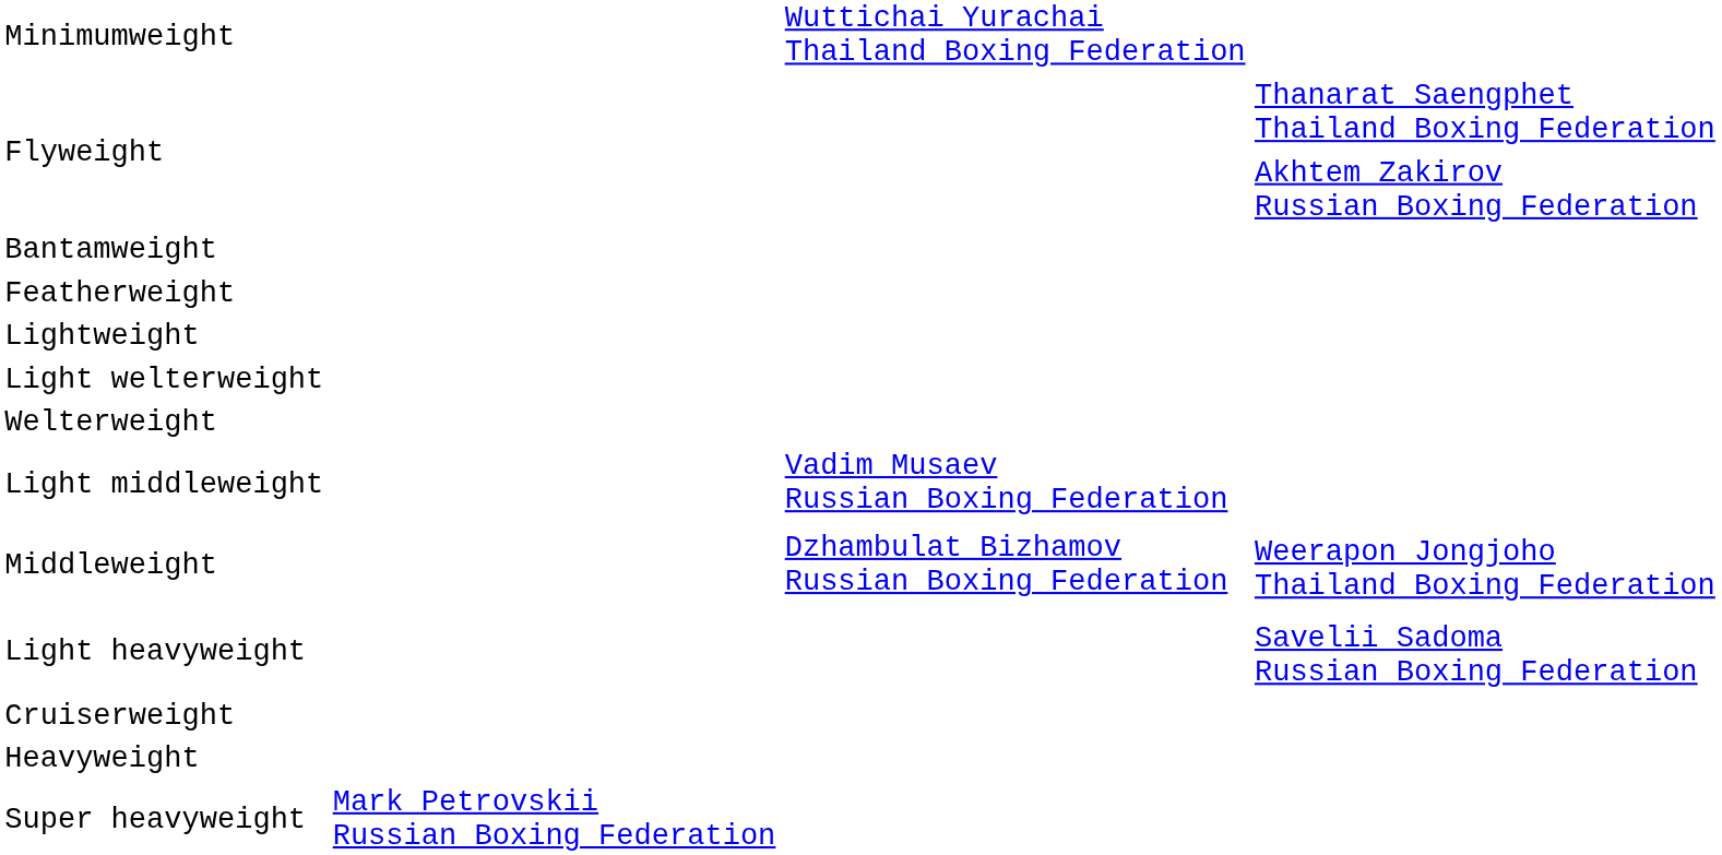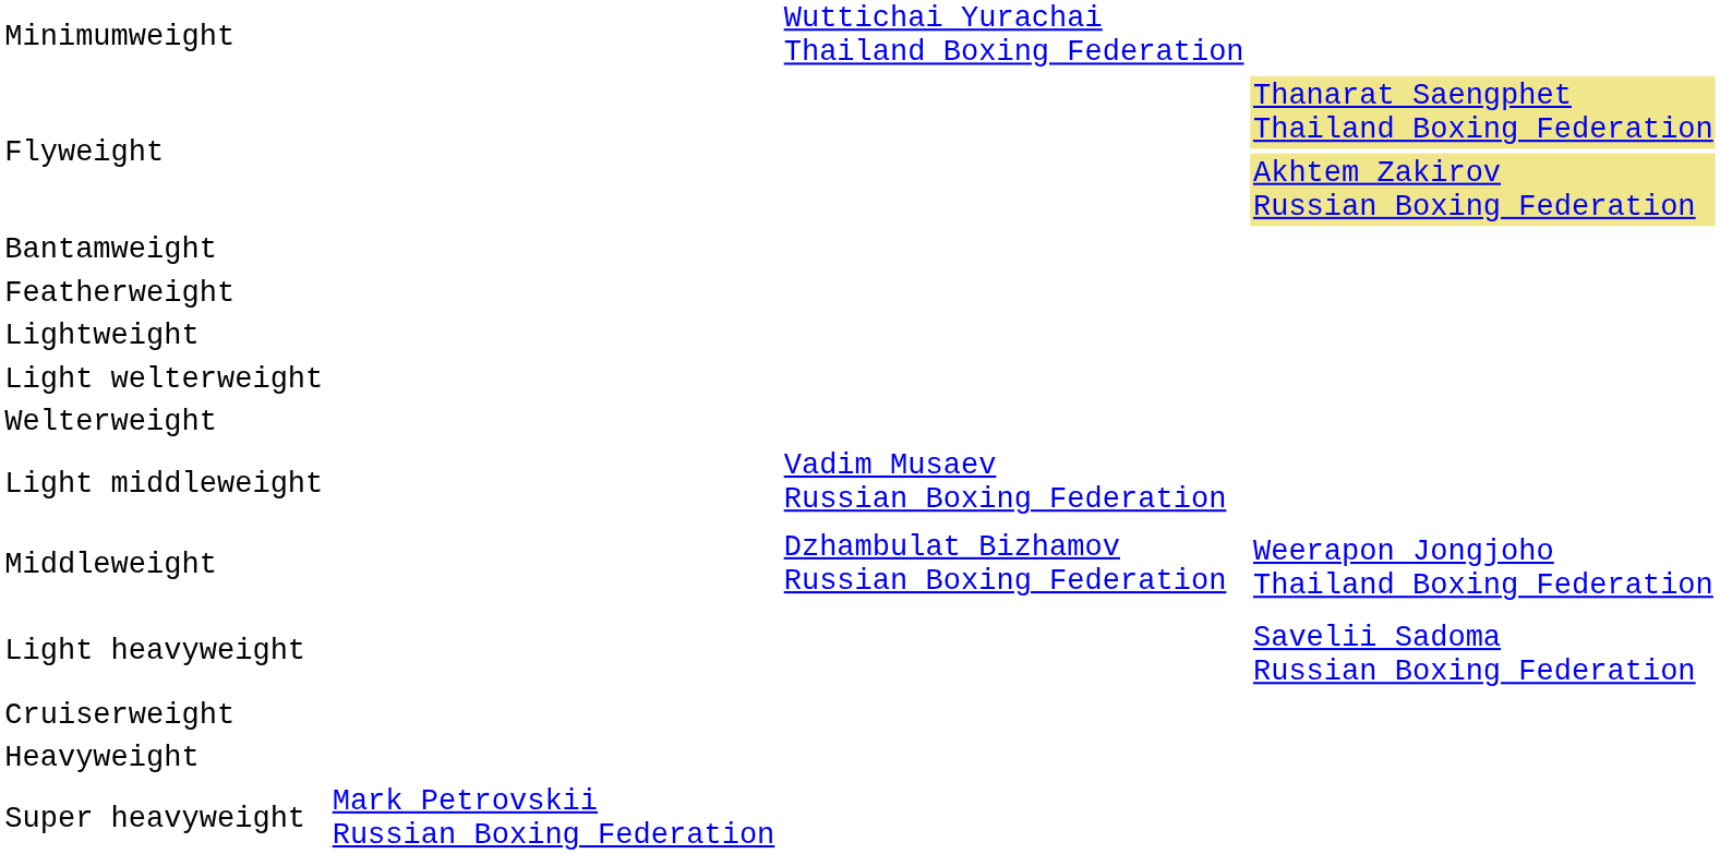 <table>
 <tr>
 <td rowspan=2>Minimumweight<br></td>
 <td rowspan=2></td>
 <td rowspan=2><a href='#'>Wuttichai Yurachai</a><br><a href='#'>Thailand Boxing Federation</a></td>
 <td></td>
 </tr>
 <tr>
 <td></td>
 </tr>
 <tr>
 <td rowspan=2>Flyweight<br></td>
 <td rowspan=2></td>
 <td rowspan=2></td>
-<td><a href='#'>Thanarat Saengphet</a><br><a href='#'>Thailand Boxing Federation</a></td>
+<td style="background: khaki;"><a href='#'>Thanarat Saengphet</a><br><a href='#'>Thailand Boxing Federation</a></td>
 </tr>
 <tr>
-<td><a href='#'>Akhtem Zakirov</a><br> <a href='#'>Russian Boxing Federation</a></td>
+<td style="background: khaki;"><a href='#'>Akhtem Zakirov</a><br> <a href='#'>Russian Boxing Federation</a></td>
 </tr>
 <tr>
 <td rowspan=2>Bantamweight<br></td>
 <td rowspan=2></td>
 <td rowspan=2></td>
 <td></td>
 </tr>
 <tr>
 <td></td>
 </tr>
 <tr>
 <td rowspan=2>Featherweight<br></td>
 <td rowspan=2></td>
 <td rowspan=2></td>
 <td></td>
 </tr>
 <tr>
 <td></td>
 </tr>
 <tr>
 <td rowspan=2>Lightweight<br></td>
 <td rowspan=2></td>
 <td rowspan=2></td>
 <td></td>
 </tr>
 <tr>
 <td></td>
 </tr>
 <tr>
 <td rowspan=2>Light welterweight<br></td>
 <td rowspan=2></td>
 <td rowspan=2></td>
 <td></td>
 </tr>
 <tr>
 <td></td>
 </tr>
 <tr>
 <td rowspan=2>Welterweight<br></td>
 <td rowspan=2></td>
 <td rowspan=2></td>
 <td></td>
 </tr>
 <tr>
 <td></td>
 </tr>
 <tr>
 <td rowspan=2>Light middleweight<br></td>
 <td rowspan=2></td>
 <td rowspan=2><a href='#'>Vadim Musaev</a><br> <a href='#'>Russian Boxing Federation</a></td>
 <td></td>
 </tr>
 <tr>
 <td></td>
 </tr>
 <tr>
 <td rowspan=2>Middleweight<br></td>
 <td rowspan=2></td>
 <td rowspan=2><a href='#'>Dzhambulat Bizhamov</a><br> <a href='#'>Russian Boxing Federation</a></td>
 <td></td>
 </tr>
 <tr>
 <td><a href='#'>Weerapon Jongjoho</a><br><a href='#'>Thailand Boxing Federation</a></td>
 </tr>
 <tr>
 <td rowspan=2>Light heavyweight<br></td>
 <td rowspan=2></td>
 <td rowspan=2></td>
 <td></td>
 </tr>
 <tr>
 <td><a href='#'>Savelii Sadoma</a><br> <a href='#'>Russian Boxing Federation</a></td>
 </tr>
 <tr>
 <td rowspan=2>Cruiserweight<br></td>
 <td rowspan=2></td>
 <td rowspan=2></td>
 <td></td>
 </tr>
 <tr>
 <td></td>
 </tr>
 <tr>
 <td rowspan=2>Heavyweight<br></td>
 <td rowspan=2></td>
 <td rowspan=2></td>
 <td></td>
 </tr>
 <tr>
 <td></td>
 </tr>
 <tr>
 <td rowspan=2>Super heavyweight<br></td>
 <td rowspan=2><a href='#'>Mark Petrovskii</a><br> <a href='#'>Russian Boxing Federation</a></td>
 <td rowspan=2></td>
 <td></td>
 </tr>
 <tr>
 <td></td>
 </tr>
 </table>
